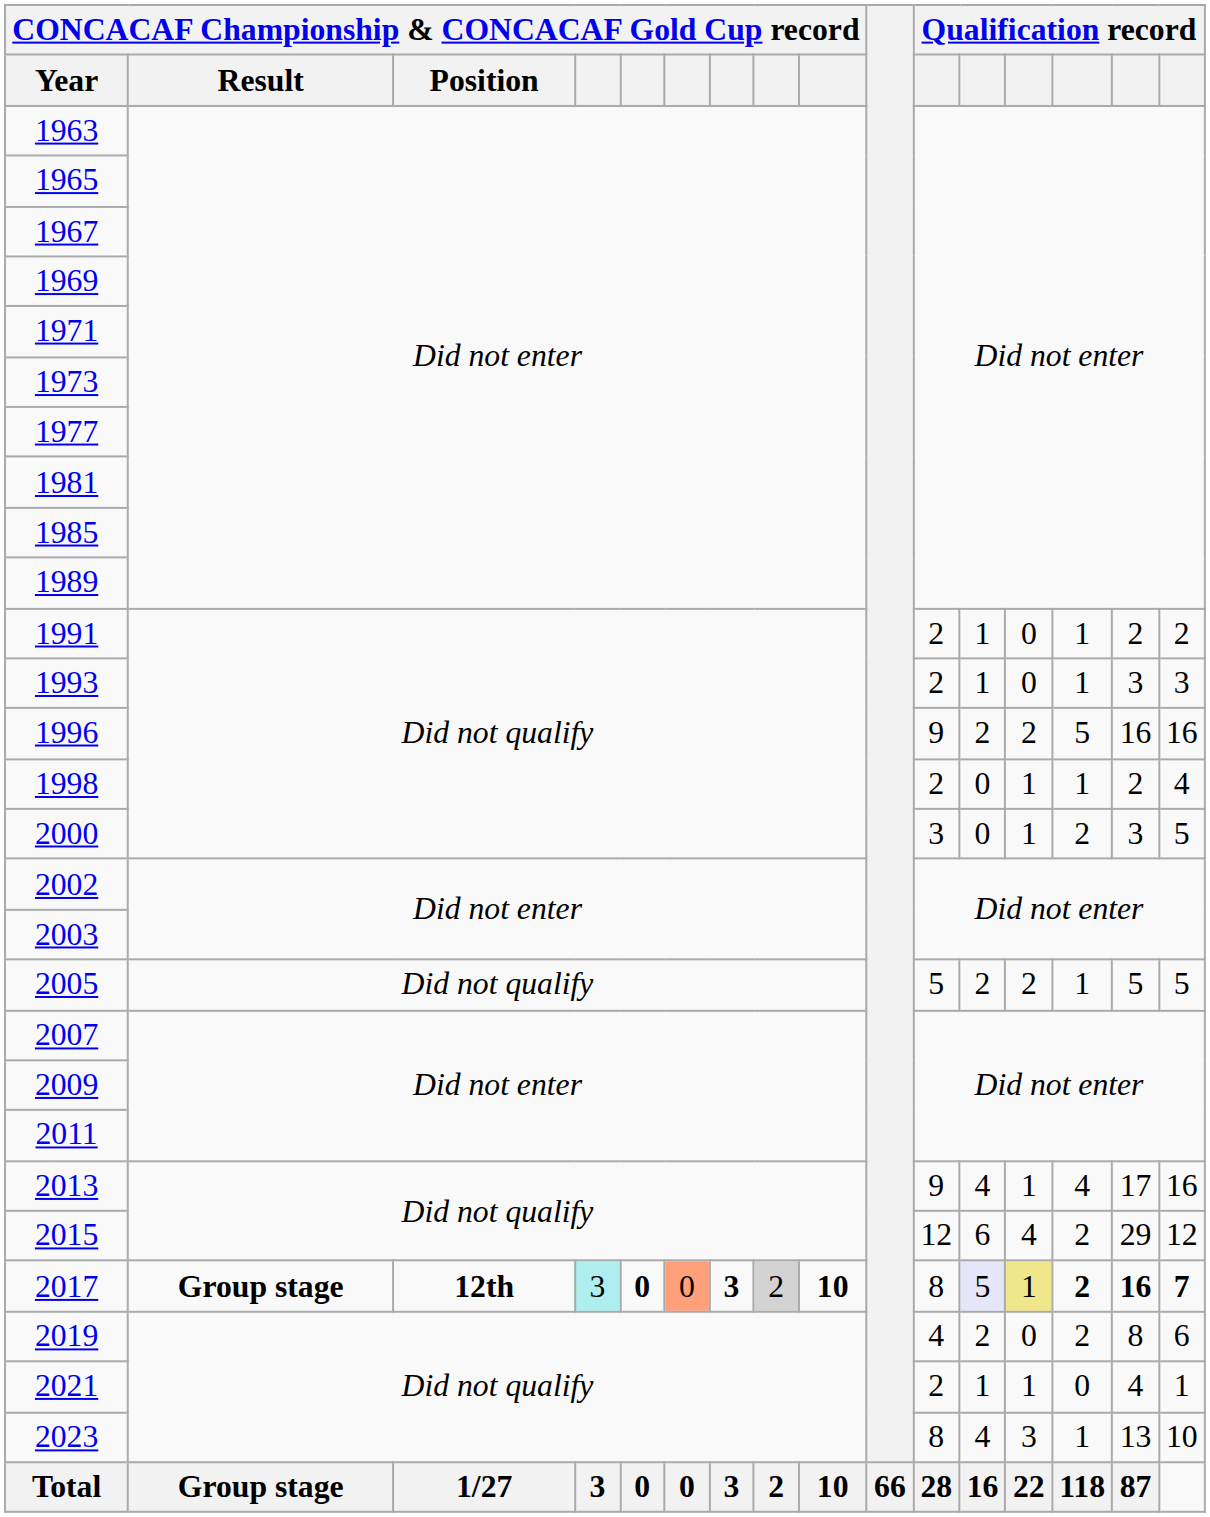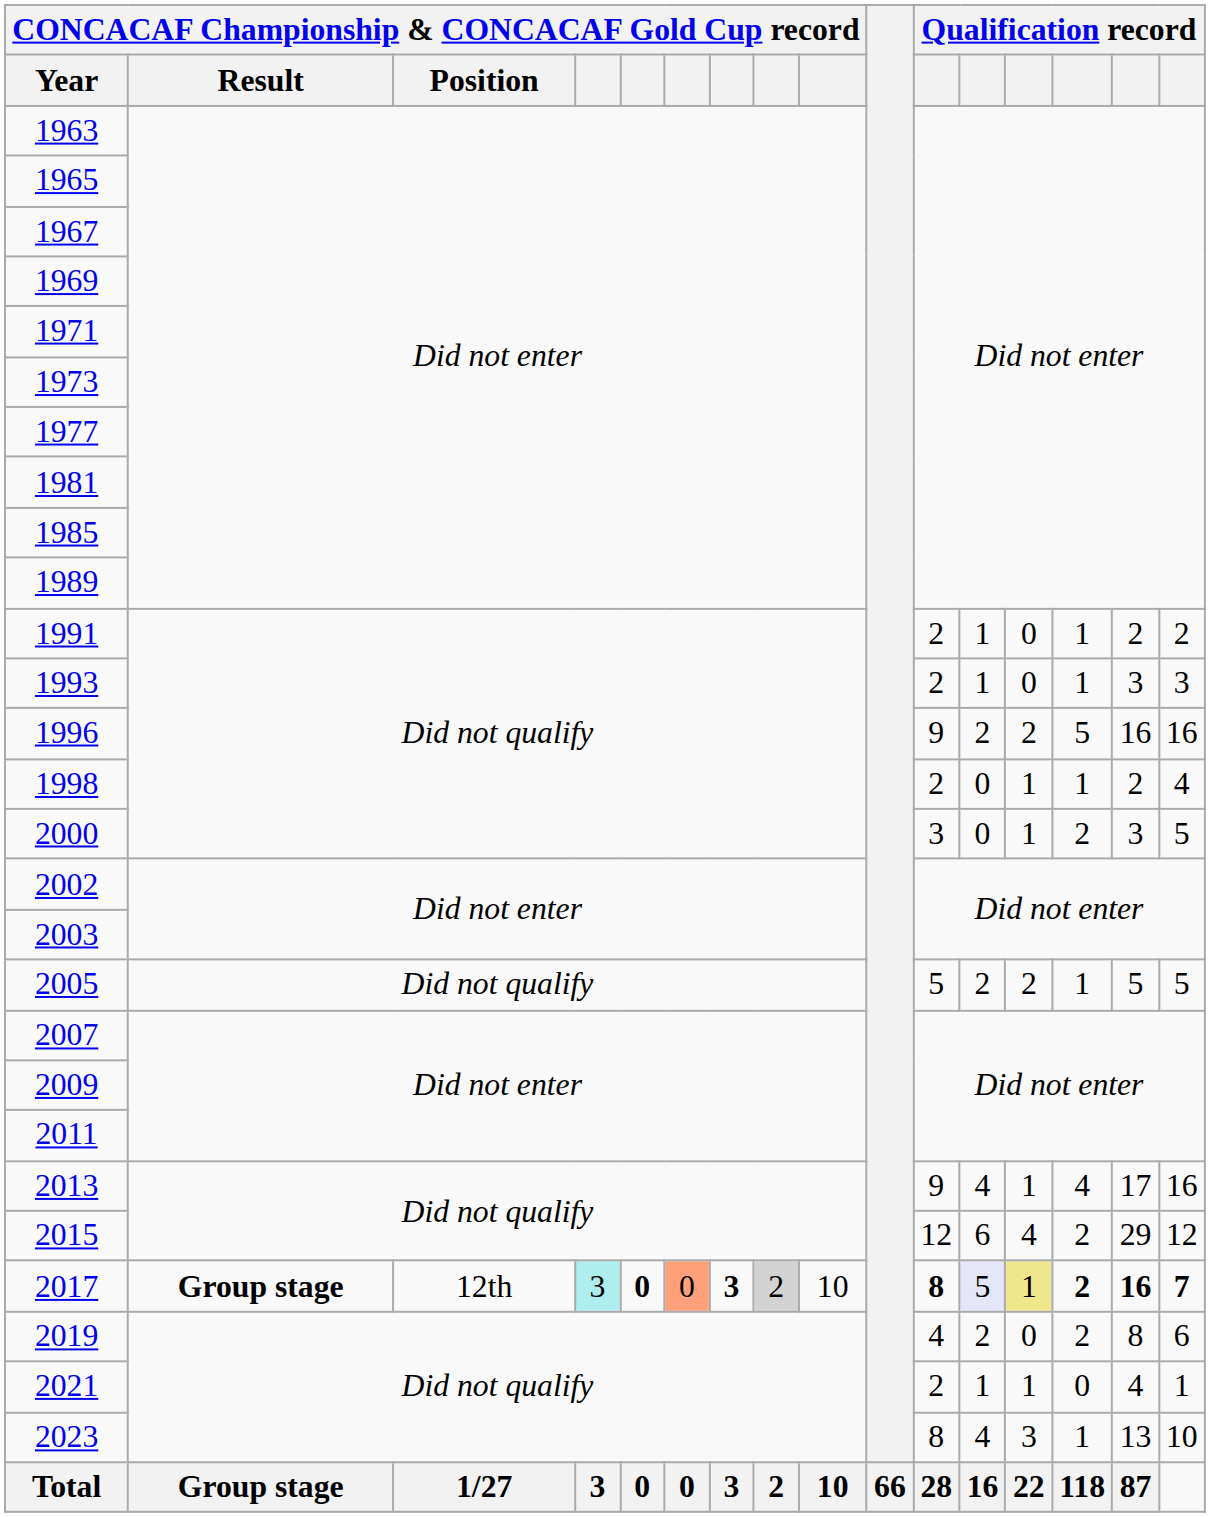 <table class="wikitable" style="text-align: center;">
 <tr>
 <th colspan=9><a href='#'>CONCACAF Championship</a> & <a href='#'>CONCACAF Gold Cup</a> record</th>
 <th rowspan=30></th>
 <th colspan=6><a href='#'>Qualification</a> record</th>
 </tr>
 <tr>
 <th>Year</th>
 <th>Result</th>
 <th>Position</th>
 <th></th>
 <th></th>
 <th></th>
 <th></th>
 <th></th>
 <th></th>
 <th></th>
 <th></th>
 <th></th>
 <th></th>
 <th></th>
 <th></th>
 </tr>
 <tr>
 </tr>
 <tr>
 <td> <a href='#'>1963</a></td>
 <td colspan=8 rowspan=10><em>Did not enter</em></td>
 <td colspan=6 rowspan=10><em>Did not enter</em></td>
 </tr>
 <tr>
 <td> <a href='#'>1965</a></td>
 </tr>
 <tr>
 <td> <a href='#'>1967</a></td>
 </tr>
 <tr>
 <td> <a href='#'>1969</a></td>
 </tr>
 <tr>
 <td> <a href='#'>1971</a></td>
 </tr>
 <tr>
 <td> <a href='#'>1973</a></td>
 </tr>
 <tr>
 <td> <a href='#'>1977</a></td>
 </tr>
 <tr>
 <td> <a href='#'>1981</a></td>
 </tr>
 <tr>
 <td><a href='#'>1985</a></td>
 </tr>
 <tr>
 <td><a href='#'>1989</a></td>
 </tr>
 <tr>
 <td> <a href='#'>1991</a></td>
 <td colspan=8 rowspan=5><em>Did not qualify</em></td>
 <td>2</td>
 <td>1</td>
 <td>0</td>
 <td>1</td>
 <td>2</td>
 <td>2</td>
 </tr>
 <tr>
 <td> <a href='#'>1993</a></td>
 <td>2</td>
 <td>1</td>
 <td>0</td>
 <td>1</td>
 <td>3</td>
 <td>3</td>
 </tr>
 <tr>
 <td> <a href='#'>1996</a></td>
 <td>9</td>
 <td>2</td>
 <td>2</td>
 <td>5</td>
 <td>16</td>
 <td>16</td>
 </tr>
 <tr>
 <td> <a href='#'>1998</a></td>
 <td>2</td>
 <td>0</td>
 <td>1</td>
 <td>1</td>
 <td>2</td>
 <td>4</td>
 </tr>
 <tr>
 <td> <a href='#'>2000</a></td>
 <td>3</td>
 <td>0</td>
 <td>1</td>
 <td>2</td>
 <td>3</td>
 <td>5</td>
 </tr>
 <tr>
 <td> <a href='#'>2002</a></td>
 <td colspan=8 rowspan=2><em>Did not enter</em></td>
 <td colspan=6 rowspan=2><em>Did not enter</em></td>
 </tr>
 <tr>
 <td>  <a href='#'>2003</a></td>
 </tr>
 <tr>
 <td> <a href='#'>2005</a></td>
 <td colspan=8><em>Did not qualify</em></td>
 <td>5</td>
 <td>2</td>
 <td>2</td>
 <td>1</td>
 <td>5</td>
 <td>5</td>
 </tr>
 <tr>
 <td> <a href='#'>2007</a></td>
 <td colspan=8 rowspan=3><em>Did not enter</em></td>
 <td colspan=6 rowspan=3><em>Did not enter</em></td>
 </tr>
 <tr>
 <td> <a href='#'>2009</a></td>
 </tr>
 <tr>
 <td> <a href='#'>2011</a></td>
 </tr>
 <tr>
 <td> <a href='#'>2013</a></td>
 <td colspan=8 rowspan=2><em>Did not qualify</em></td>
 <td>9</td>
 <td>4</td>
 <td>1</td>
 <td>4</td>
 <td>17</td>
 <td>16</td>
 </tr>
 <tr>
 <td>  <a href='#'>2015</a></td>
 <td>12</td>
 <td>6</td>
 <td>4</td>
 <td>2</td>
 <td>29</td>
 <td>12</td>
 </tr>
 <tr>
 <td> <a href='#'>2017</a></td>
 <td><strong>Group stage</strong></td>
-<td><strong>12th</strong></td>
+<td>12th</td>
 <td style="background: paleturquoise;">3</td>
 <td><strong>0</strong></td>
 <td style="background: lightsalmon;">0</td>
 <td><strong>3</strong></td>
 <td style="background: lightgrey;">2</td>
-<td><strong>10</strong></td>
-<td>8</td>
+<td>10</td>
+<td><strong>8</strong></td>
 <td style="background: lavender;">5</td>
 <td style="background: khaki;">1</td>
 <td><strong>2</strong></td>
 <td><strong>16</strong></td>
 <td><strong>7</strong></td>
 </tr>
 <tr>
 <td>   <a href='#'>2019</a></td>
 <td colspan=8 rowspan="3"><em>Did not qualify</em></td>
 <td>4</td>
 <td>2</td>
 <td>0</td>
 <td>2</td>
 <td>8</td>
 <td>6</td>
 </tr>
 <tr>
 <td> <a href='#'>2021</a></td>
 <td>2</td>
 <td>1</td>
 <td>1</td>
 <td>0</td>
 <td>4</td>
 <td>1</td>
 </tr>
 <tr>
 <td>  <a href='#'>2023</a></td>
 <td>8</td>
 <td>4</td>
 <td>3</td>
 <td>1</td>
 <td>13</td>
 <td>10</td>
 </tr>
 <tr>
 <th>Total</th>
 <th>Group stage</th>
 <th>1/27</th>
 <th>3</th>
 <th>0</th>
 <th>0</th>
 <th>3</th>
 <th>2</th>
 <th>10</th>
 <th>66</th>
 <th>28</th>
 <th>16</th>
 <th>22</th>
 <th>118</th>
 <th>87</th>
 </tr>
 </table>
